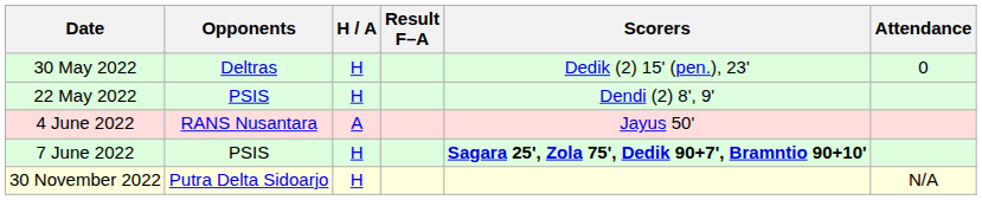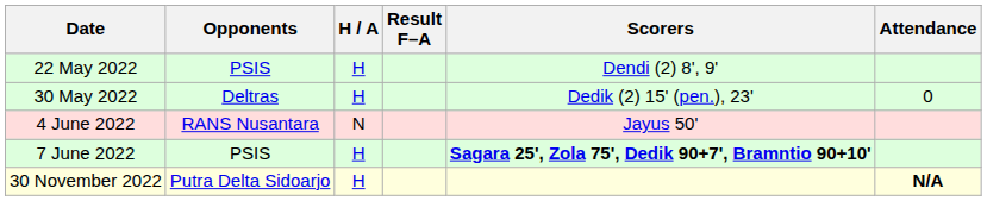 <table class="wikitable" style="text-align:center">
 <tr>
 <th>Date</th>
 <th>Opponents</th>
 <th>H / A</th>
 <th>Result<br>F–A</th>
 <th>Scorers</th>
 <th>Attendance</th>
 </tr>
 <tr style="background:#ddffdd">
+<td>22 May 2022</td>
+<td><a href='#'>PSIS</a></td>
+<td><a href='#'>H</a></td>
+<td></td>
+<td><a href='#'>Dendi</a> (2) 8', 9'</td>
+<td></td>
+</tr>
+<tr style="background:#ddffdd">
 <td>30 May 2022</td>
 <td><a href='#'>Deltras</a></td>
 <td><a href='#'>H</a></td>
 <td></td>
 <td><a href='#'>Dedik</a> (2) 15' (<a href='#'>pen.</a>), 23'</td>
 <td>0</td>
 </tr>
-<tr style="background:#ddffdd">
-<td>22 May 2022</td>
-<td><a href='#'>PSIS</a></td>
-<td><a href='#'>H</a></td>
-<td></td>
-<td><a href='#'>Dendi</a> (2) 8', 9'</td>
-<td></td>
-</tr>
 <tr style="background:#ffdddd">
 <td>4 June 2022</td>
 <td><a href='#'>RANS Nusantara</a></td>
-<td><a href='#'>A</a></td>
+<td>N</td>
 <td></td>
 <td><a href='#'>Jayus</a> 50'</td>
 <td></td>
 </tr>
 <tr style="background:#ddffdd">
 <td>7 June 2022</td>
 <td>PSIS</td>
 <td><a href='#'>H</a></td>
 <td></td>
 <td><strong><a href='#'>Sagara</a> 25', <a href='#'>Zola</a> 75', <a href='#'>Dedik</a> 90+7', <a href='#'>Bramntio</a> 90+10'</strong></td>
 <td></td>
 </tr>
 <tr style="background:#ffffdd">
 <td>30 November 2022</td>
 <td><a href='#'>Putra Delta Sidoarjo</a></td>
 <td><a href='#'>H</a></td>
 <td></td>
 <td></td>
-<td>N/A</td>
+<td><strong>N/A</strong></td>
 </tr>
 </table>
